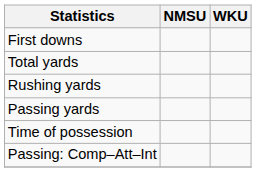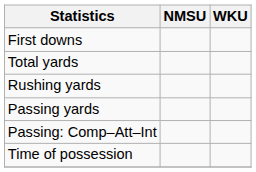 <table class="wikitable" style="float: left;">
 <tr>
 <th>Statistics</th>
 <th>NMSU</th>
 <th>WKU</th>
 </tr>
 <tr>
 <td>First downs</td>
 <td></td>
 <td></td>
 </tr>
 <tr>
 <td>Total yards</td>
 <td></td>
 <td></td>
 </tr>
 <tr>
 <td>Rushing yards</td>
 <td></td>
 <td></td>
 </tr>
 <tr>
 <td>Passing yards</td>
 <td></td>
 <td></td>
 </tr>
 <tr>
-<td>Time of possession</td>
+<td>Passing: Comp–Att–Int</td>
 <td></td>
 <td></td>
 </tr>
 <tr>
-<td>Passing: Comp–Att–Int</td>
+<td>Time of possession</td>
 <td></td>
 <td></td>
 </tr>
 <tr>
 </tr>
 </table>
